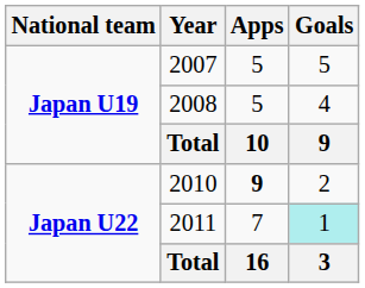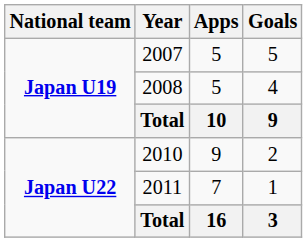 <table class="wikitable" style="font-size:90%; text-align: center">
 <tr>
 <th>National team</th>
 <th>Year</th>
 <th>Apps</th>
 <th>Goals</th>
 </tr>
 <tr>
 <td rowspan="3"><strong><a href='#'>Japan U19</a></strong></td>
 <td>2007</td>
 <td>5</td>
 <td>5</td>
 </tr>
 <tr>
 <td>2008</td>
 <td>5</td>
 <td>4</td>
 </tr>
 <tr>
 <th colspan=1>Total</th>
 <th>10</th>
 <th>9</th>
 </tr>
 <tr>
 <td rowspan="3"><strong><a href='#'>Japan U22</a></strong></td>
 <td>2010</td>
-<td><strong>9</strong></td>
+<td>9</td>
 <td>2</td>
 </tr>
 <tr>
 <td>2011</td>
 <td>7</td>
-<td style="background: paleturquoise;">1</td>
+<td>1</td>
 </tr>
 <tr>
 <th colspan=1>Total</th>
 <th>16</th>
 <th>3</th>
 </tr>
 </table>
